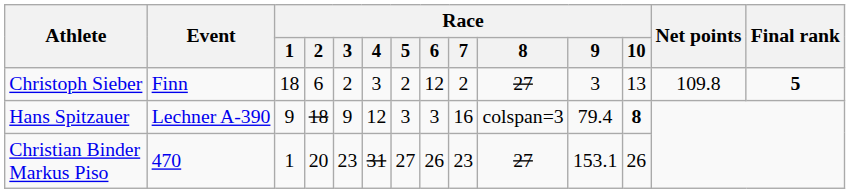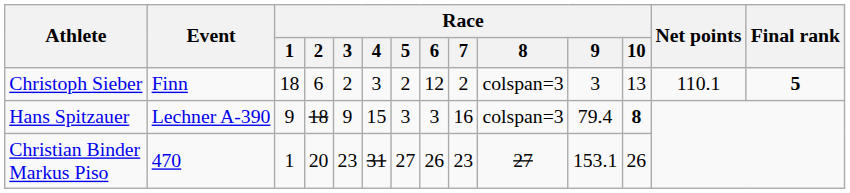 <table class="wikitable" style="font-size:90%">
 <tr>
 <th rowspan="2">Athlete</th>
 <th rowspan="2">Event</th>
 <th colspan=10>Race</th>
 <th rowspan=2>Net points</th>
 <th rowspan=2>Final rank</th>
 </tr>
 <tr style="font-size:95%">
 <th>1</th>
 <th>2</th>
 <th>3</th>
 <th>4</th>
 <th>5</th>
 <th>6</th>
 <th>7</th>
 <th>8</th>
 <th>9</th>
 <th>10</th>
 </tr>
 <tr align=center>
 <td align=left><a href='#'>Christoph Sieber</a></td>
 <td align=left><a href='#'>Finn</a></td>
 <td>18</td>
 <td>6</td>
 <td>2</td>
 <td>3</td>
 <td>2</td>
 <td>12</td>
 <td>2</td>
-<td><s>27</s></td>
+<td>colspan=3 </td>
 <td>3</td>
 <td>13</td>
-<td>109.8</td>
+<td>110.1</td>
 <td><strong>5</strong></td>
 </tr>
 <tr align=center>
 <td align=left><a href='#'>Hans Spitzauer</a></td>
 <td align=left><a href='#'>Lechner A-390</a></td>
 <td>9</td>
 <td><s>18</s></td>
 <td>9</td>
-<td>12</td>
+<td>15</td>
 <td>3</td>
 <td>3</td>
 <td>16</td>
 <td>colspan=3 </td>
 <td>79.4</td>
 <td><strong>8</strong></td>
 </tr>
 <tr align=center>
 <td align=left><a href='#'>Christian Binder</a><br><a href='#'>Markus Piso</a></td>
 <td align=left><a href='#'>470</a></td>
 <td>1</td>
 <td>20</td>
 <td>23</td>
 <td><s>31</s></td>
 <td>27</td>
 <td>26</td>
 <td>23</td>
 <td><s>27</s></td>
 <td>153.1</td>
 <td>26</td>
 </tr>
 </table>
